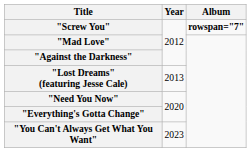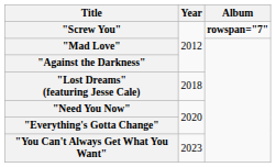 <table class="wikitable plainrowheaders" style="text-align:center">
 <tr>
 <th scope="col" style="width:16em;">Title</th>
 <th scope="col">Year</th>
 <th scope="col">Album</th>
 </tr>
 <tr>
 <th scope="row">"Screw You"</th>
 <td rowspan="3">2012</td>
 <td><strong>rowspan="7" </strong></td>
 </tr>
 <tr>
 <th scope="row">"Mad Love"</th>
 </tr>
 <tr>
 <th scope="row">"Against the Darkness"</th>
 </tr>
 <tr>
 <th scope="row">"Lost Dreams"<br><span>(featuring Jesse Cale)</span></th>
-<td>2013</td>
+<td>2018</td>
 </tr>
 <tr>
 <th scope="row">"Need You Now"<br></th>
 <td rowspan="2">2020</td>
 </tr>
 <tr>
 <th scope="row">"Everything's Gotta Change"<br></th>
 </tr>
 <tr>
 <th scope="row">"You Can't Always Get What You Want"<br></th>
 <td>2023</td>
 </tr>
 </table>
